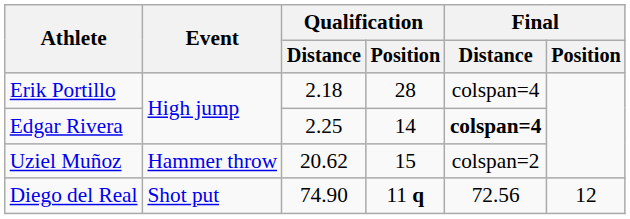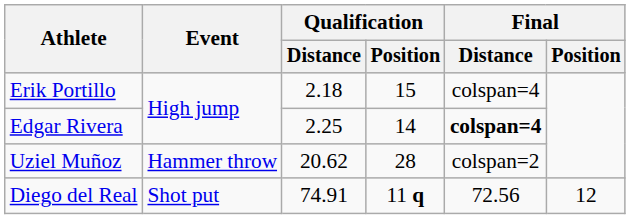 <table class=wikitable style=font-size:90%>
 <tr>
 <th rowspan=2>Athlete</th>
 <th rowspan=2>Event</th>
 <th colspan=2>Qualification</th>
 <th colspan=2>Final</th>
 </tr>
 <tr style=font-size:95%>
 <th>Distance</th>
 <th>Position</th>
 <th>Distance</th>
 <th>Position</th>
 </tr>
 <tr align=center>
 <td align=left><a href='#'>Erik Portillo</a></td>
 <td align=left rowspan=2><a href='#'>High jump</a></td>
 <td>2.18</td>
-<td>28</td>
+<td>15</td>
 <td>colspan=4 </td>
 </tr>
 <tr align=center>
 <td align=left><a href='#'>Edgar Rivera</a></td>
 <td>2.25</td>
 <td>14</td>
 <td><strong>colspan=4 </strong></td>
 </tr>
 <tr align=center>
 <td align=left><a href='#'>Uziel Muñoz</a></td>
 <td align=left><a href='#'>Hammer throw</a></td>
 <td>20.62</td>
-<td>15</td>
+<td>28</td>
 <td>colspan=2 </td>
 </tr>
 <tr align=center>
 <td align=left><a href='#'>Diego del Real</a></td>
 <td align=left><a href='#'>Shot put</a></td>
-<td>74.90</td>
+<td>74.91</td>
 <td>11 <strong>q</strong></td>
 <td>72.56</td>
 <td>12</td>
 </tr>
 </table>
